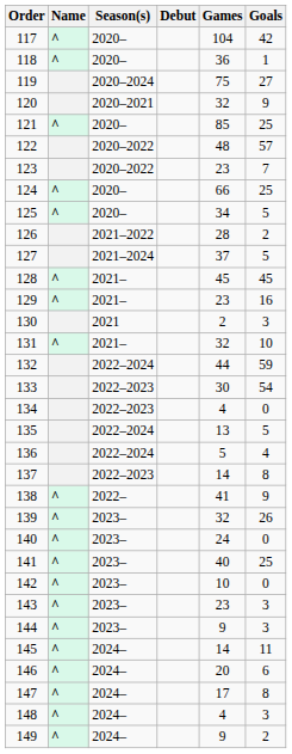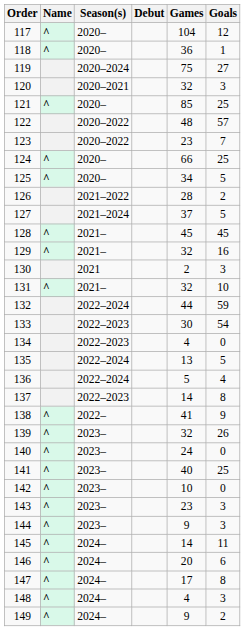 <table class="wikitable plainrowheaders sortable" style="text-align:center">
 <tr>
 <th scope="col">Order</th>
 <th scope="col">Name</th>
 <th scope="col">Season(s)</th>
 <th scope="col">Debut</th>
 <th scope="col">Games</th>
 <th scope="col">Goals</th>
 </tr>
 <tr>
 <td>117</td>
 <th scope="row" style="text-align:left; background:#d9f9e9;">^</th>
 <td align="left">2020–</td>
 <td></td>
 <td>104</td>
-<td>42</td>
+<td>12</td>
 </tr>
 <tr>
 <td>118</td>
 <th scope="row" style="text-align:left; background:#d9f9e9;">^</th>
 <td align="left">2020–</td>
 <td></td>
 <td>36</td>
 <td>1</td>
 </tr>
 <tr>
 <td>119</td>
 <th scope="row" style="text-align:left"></th>
 <td align="left">2020–2024</td>
 <td></td>
 <td>75</td>
 <td>27</td>
 </tr>
 <tr>
 <td>120</td>
 <th scope="row"></th>
 <td align="left">2020–2021</td>
 <td></td>
 <td>32</td>
-<td>9</td>
+<td>3</td>
 </tr>
 <tr>
 <td>121</td>
 <th scope="row" style="text-align:left; background:#d9f9e9;">^</th>
 <td align="left">2020–</td>
 <td></td>
 <td>85</td>
 <td>25</td>
 </tr>
 <tr>
 <td>122</td>
 <th scope="row"></th>
 <td align="left">2020–2022</td>
 <td></td>
 <td>48</td>
 <td>57</td>
 </tr>
 <tr>
 <td>123</td>
 <th scope="row"></th>
 <td align="left">2020–2022</td>
 <td></td>
 <td>23</td>
 <td>7</td>
 </tr>
 <tr>
 <td>124</td>
 <th scope="row" style="text-align:left; background:#d9f9e9;">^</th>
 <td align="left">2020–</td>
 <td></td>
 <td>66</td>
 <td>25</td>
 </tr>
 <tr>
 <td>125</td>
 <th scope="row" style="text-align:left; background:#d9f9e9;">^</th>
 <td align="left">2020–</td>
 <td></td>
 <td>34</td>
 <td>5</td>
 </tr>
 <tr>
 <td>126</td>
 <th scope="row"></th>
 <td align="left">2021–2022</td>
 <td></td>
 <td>28</td>
 <td>2</td>
 </tr>
 <tr>
 <td>127</td>
 <th scope="row"></th>
 <td align="left">2021–2024</td>
 <td></td>
 <td>37</td>
 <td>5</td>
 </tr>
 <tr>
 <td>128</td>
 <th scope="row" style="text-align:left; background:#d9f9e9;">^</th>
 <td align="left">2021–</td>
 <td></td>
 <td>45</td>
 <td>45</td>
 </tr>
 <tr>
 <td>129</td>
 <th scope="row" style="text-align:left; background:#d9f9e9;">^</th>
 <td align="left">2021–</td>
 <td></td>
-<td>23</td>
+<td>32</td>
 <td>16</td>
 </tr>
 <tr>
 <td>130</td>
 <th scope="row"></th>
 <td align="left">2021</td>
 <td></td>
 <td>2</td>
 <td>3</td>
 </tr>
 <tr>
 <td>131</td>
 <th scope="row" style="text-align:left; background:#d9f9e9;">^</th>
 <td align="left">2021–</td>
 <td></td>
 <td>32</td>
 <td>10</td>
 </tr>
 <tr>
 <td>132</td>
 <th scope="row"></th>
 <td align="left">2022–2024</td>
 <td></td>
 <td>44</td>
 <td>59</td>
 </tr>
 <tr>
 <td>133</td>
 <th scope="row"></th>
 <td align="left">2022–2023</td>
 <td></td>
 <td>30</td>
 <td>54</td>
 </tr>
 <tr>
 <td>134</td>
 <th scope="row"></th>
 <td align="left">2022–2023</td>
 <td></td>
 <td>4</td>
 <td>0</td>
 </tr>
 <tr>
 <td>135</td>
 <th scope="row"></th>
 <td align="left">2022–2024</td>
 <td></td>
 <td>13</td>
 <td>5</td>
 </tr>
 <tr>
 <td>136</td>
 <th scope="row" style="text-align:left"></th>
 <td align="left">2022–2024</td>
 <td></td>
 <td>5</td>
 <td>4</td>
 </tr>
 <tr>
 <td>137</td>
 <th scope="row"></th>
 <td align="left">2022–2023</td>
 <td></td>
 <td>14</td>
 <td>8</td>
 </tr>
 <tr>
 <td>138</td>
 <th scope="row" style="text-align:left; background:#d9f9e9;">^</th>
 <td align="left">2022–</td>
 <td></td>
 <td>41</td>
 <td>9</td>
 </tr>
 <tr>
 <td>139</td>
 <th scope="row" style="text-align:left; background:#d9f9e9;">^</th>
 <td align="left">2023–</td>
 <td></td>
 <td>32</td>
 <td>26</td>
 </tr>
 <tr>
 <td>140</td>
 <th scope="row" style="text-align:left; background:#d9f9e9;">^</th>
 <td align="left">2023–</td>
 <td></td>
 <td>24</td>
 <td>0</td>
 </tr>
 <tr>
 <td>141</td>
 <th scope="row" style="text-align:left; background:#d9f9e9;">^</th>
 <td align="left">2023–</td>
 <td></td>
 <td>40</td>
 <td>25</td>
 </tr>
 <tr>
 <td>142</td>
 <th scope="row" style="text-align:left; background:#d9f9e9;">^</th>
 <td align="left">2023–</td>
 <td></td>
 <td>10</td>
 <td>0</td>
 </tr>
 <tr>
 <td>143</td>
 <th scope="row" style="text-align:left; background:#d9f9e9;">^</th>
 <td align="left">2023–</td>
 <td></td>
 <td>23</td>
 <td>3</td>
 </tr>
 <tr>
 <td>144</td>
 <th scope="row" style="text-align:left; background:#d9f9e9;">^</th>
 <td align="left">2023–</td>
 <td></td>
 <td>9</td>
 <td>3</td>
 </tr>
 <tr>
 <td>145</td>
 <th scope="row" style="text-align:left; background:#d9f9e9;">^</th>
 <td align="left">2024–</td>
 <td></td>
 <td>14</td>
 <td>11</td>
 </tr>
 <tr>
 <td>146</td>
 <th scope="row" style="text-align:left; background:#d9f9e9;">^</th>
 <td align="left">2024–</td>
 <td></td>
 <td>20</td>
 <td>6</td>
 </tr>
 <tr>
 <td>147</td>
 <th scope="row" style="text-align:left; background:#d9f9e9;">^</th>
 <td align="left">2024–</td>
 <td></td>
 <td>17</td>
 <td>8</td>
 </tr>
 <tr>
 <td>148</td>
 <th scope="row" style="text-align:left; background:#d9f9e9;">^</th>
 <td align="left">2024–</td>
 <td></td>
 <td>4</td>
 <td>3</td>
 </tr>
 <tr>
 <td>149</td>
 <th scope="row" style="text-align:left; background:#d9f9e9;">^</th>
 <td align="left">2024–</td>
 <td></td>
 <td>9</td>
 <td>2</td>
 </tr>
 </table>
